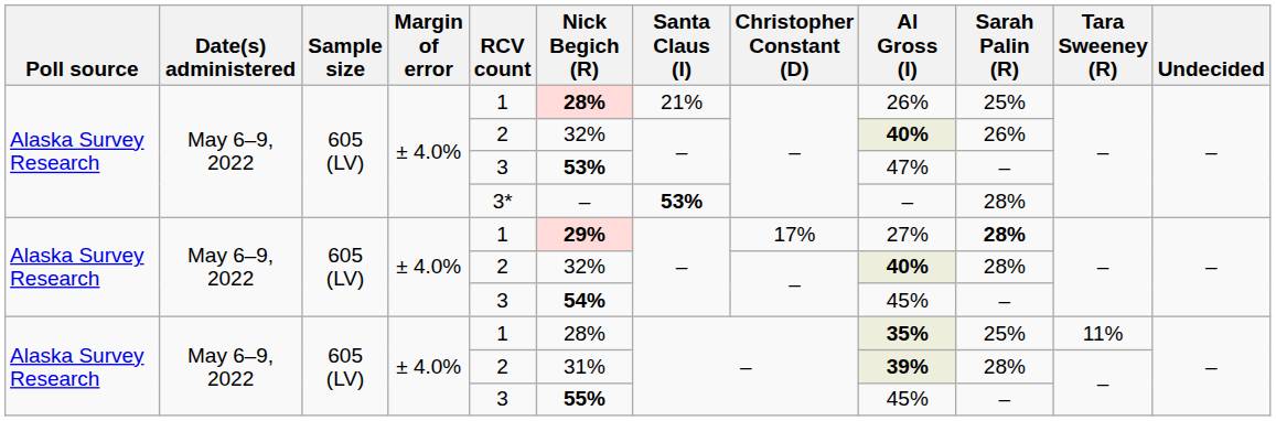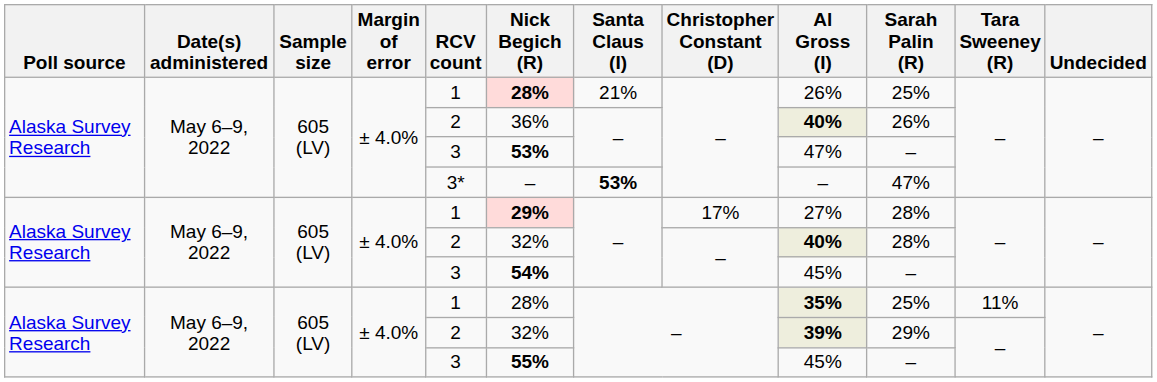 <table class="wikitable" style="font-size:90%;text-align:center;">
 <tr valign=bottom>
 <th>Poll source</th>
 <th>Date(s)<br>administered</th>
 <th>Sample<br>size</th>
 <th>Margin<br>of error</th>
 <th>RCV<br>count</th>
 <th style="width:60px;">Nick<br>Begich<br>(R)</th>
 <th style="width:60px;">Santa<br>Claus<br>(I)</th>
 <th style="width:60px;">Christopher<br>Constant<br>(D)</th>
 <th style="width:60px;">Al<br>Gross<br>(I)</th>
 <th style="width:60px;">Sarah<br>Palin<br>(R)</th>
 <th style="width:60px;">Tara<br>Sweeney<br>(R)</th>
 <th>Undecided</th>
 </tr>
 <tr>
 <td style="text-align:left;" rowspan="4"><a href='#'>Alaska Survey Research</a></td>
 <td rowspan="4">May 6–9, 2022</td>
 <td rowspan="4">605 (LV)</td>
 <td rowspan="4">± 4.0%</td>
 <td>1</td>
 <td style="background:#FFDBDA;"><strong>28%</strong></td>
 <td>21%</td>
 <td rowspan="4">–</td>
 <td>26%</td>
 <td>25%</td>
 <td rowspan="4">–</td>
 <td rowspan="4">–</td>
 </tr>
 <tr>
 <td>2</td>
-<td>32%</td>
+<td>36%</td>
 <td rowspan="2">–</td>
 <td style="background:#eed;"><strong>40%</strong></td>
 <td>26%</td>
 </tr>
 <tr>
 <td>3</td>
 <td><strong>53%</strong></td>
 <td>47%</td>
 <td>–</td>
 </tr>
 <tr>
 <td>3*</td>
 <td>–</td>
 <td><strong>53%</strong></td>
 <td>–</td>
-<td>28%</td>
+<td>47%</td>
 </tr>
 <tr>
 <td style="text-align:left;" rowspan="3"><a href='#'>Alaska Survey Research</a></td>
 <td rowspan="3">May 6–9, 2022</td>
 <td rowspan="3">605 (LV)</td>
 <td rowspan="3">± 4.0%</td>
 <td>1</td>
 <td style="background:#FFDBDA;"><strong>29%</strong></td>
 <td rowspan="3">–</td>
 <td>17%</td>
 <td>27%</td>
-<td><strong>28%</strong></td>
+<td>28%</td>
 <td rowspan="3">–</td>
 <td rowspan="3">–</td>
 </tr>
 <tr>
 <td>2</td>
 <td>32%</td>
 <td rowspan="2">–</td>
 <td style="background:#eed;"><strong>40%</strong></td>
 <td>28%</td>
 </tr>
 <tr>
 <td>3</td>
 <td><strong>54%</strong></td>
 <td>45%</td>
 <td>–</td>
 </tr>
 <tr>
 <td style="text-align:left;" rowspan="3"><a href='#'>Alaska Survey Research</a></td>
 <td rowspan="3">May 6–9, 2022</td>
 <td rowspan="3">605 (LV)</td>
 <td rowspan="3">± 4.0%</td>
 <td>1</td>
 <td>28%</td>
 <td rowspan="3" colspan="2">–</td>
 <td style="background:#eed;"><strong>35%</strong></td>
 <td>25%</td>
 <td>11%</td>
 <td rowspan="3">–</td>
 </tr>
 <tr>
 <td>2</td>
-<td>31%</td>
+<td>32%</td>
 <td style="background:#eed;"><strong>39%</strong></td>
-<td>28%</td>
+<td>29%</td>
 <td rowspan="2">–</td>
 </tr>
 <tr>
 <td>3</td>
 <td><strong>55%</strong></td>
 <td>45%</td>
 <td>–</td>
 </tr>
 </table>
